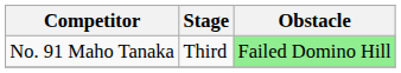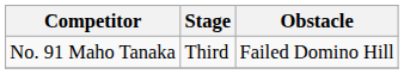 <table class="wikitable">
 <tr>
 <th>Competitor</th>
 <th>Stage</th>
 <th>Obstacle</th>
 </tr>
 <tr>
 <td>No. 91 Maho Tanaka</td>
 <td>Third</td>
-<td style="background: lightgreen;">Failed Domino Hill</td>
+<td>Failed Domino Hill</td>
 </tr>
 <tr>
 </tr>
 </table>
